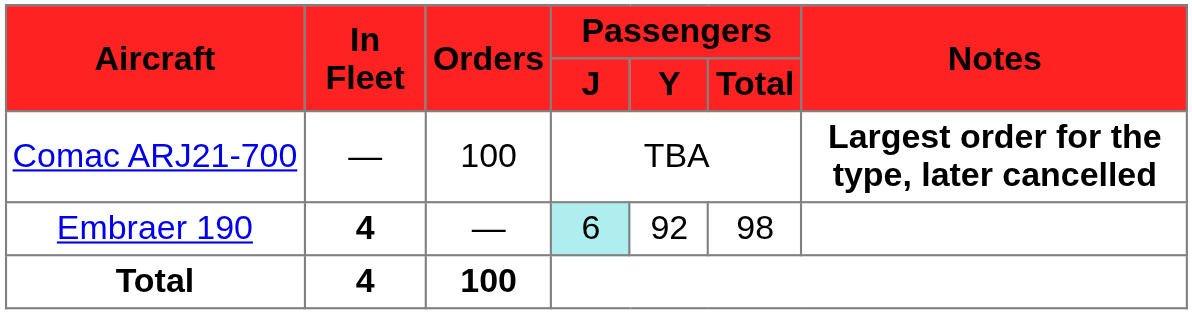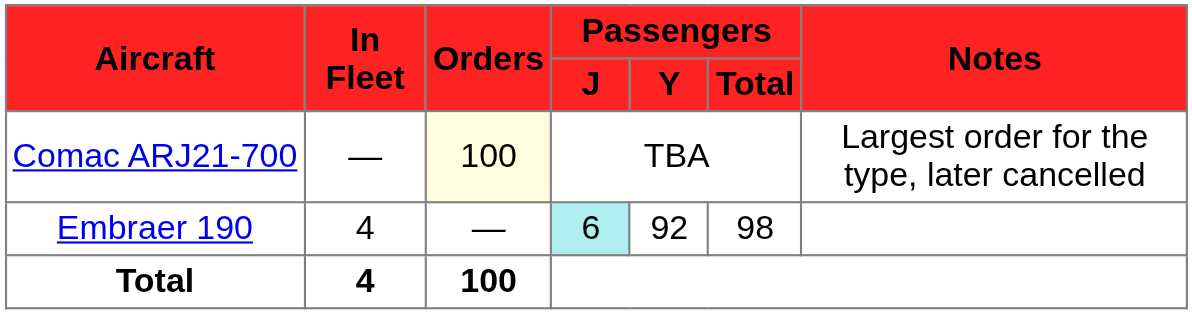 <table class="toccolours" border="1" cellpadding="3" style="border-collapse:collapse;margin:auto;text-align:center;">
 <tr style="background:#f22;">
 <th rowspan="2"><span>Aircraft</span></th>
 <th rowspan="2" style="width:50px;"><span>In Fleet</span></th>
 <th rowspan="2" style="width:50px;"><span>Orders</span></th>
 <th colspan="3"><span>Passengers</span></th>
 <th rowspan="2" style="width:175px;"><span>Notes</span></th>
 </tr>
 <tr style="background:#f22;">
 <th style="width:30px;"><abbr><span>J</span></abbr></th>
 <th style="width:30px;"><abbr><span>Y</span></abbr></th>
 <th style="width:30px;"><span>Total</span></th>
 </tr>
 <tr>
 <td><a href='#'>Comac ARJ21-700</a></td>
 <td>—</td>
-<td>100</td>
+<td style="background: lightyellow;">100</td>
 <td colspan="3" class="unsortable"><div><abbr>TBA</abbr></div></td>
-<td><strong>Largest order for the type, later cancelled</strong></td>
+<td>Largest order for the type, later cancelled</td>
 </tr>
 <tr>
 <td><a href='#'>Embraer 190</a></td>
-<td><strong>4</strong></td>
+<td>4</td>
 <td>—</td>
 <td style="background: paleturquoise;">6</td>
 <td>92</td>
 <td>98</td>
 <td></td>
 </tr>
 <tr>
 <th>Total</th>
 <th><strong>4</strong></th>
 <th><strong>100</strong></th>
 <th colspan=4></th>
 </tr>
 </table>
